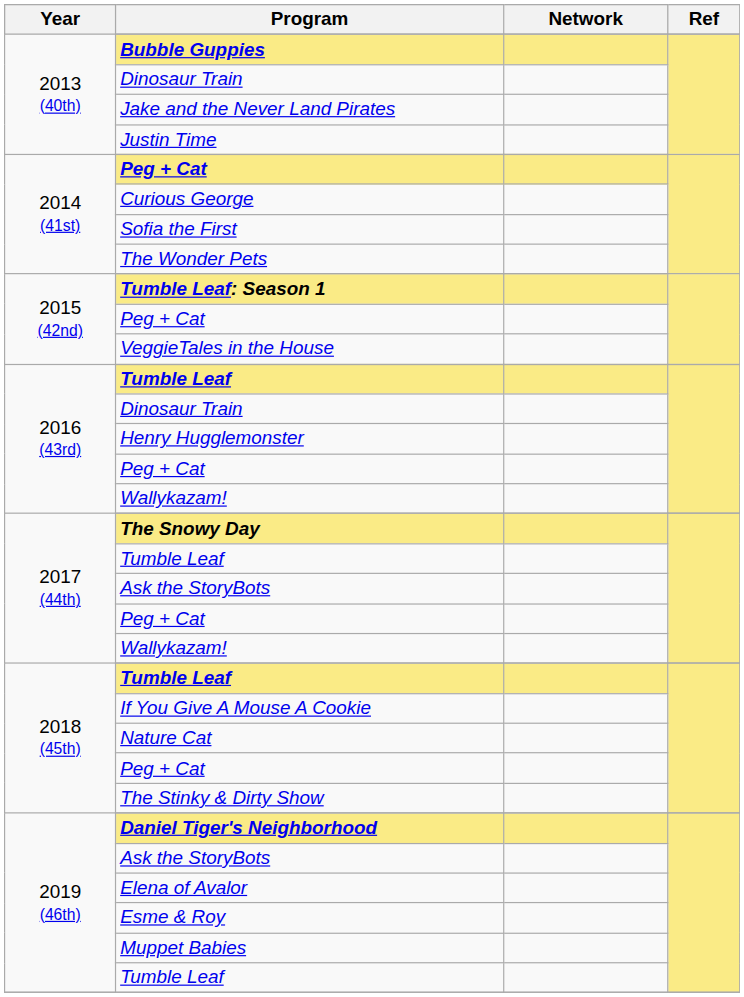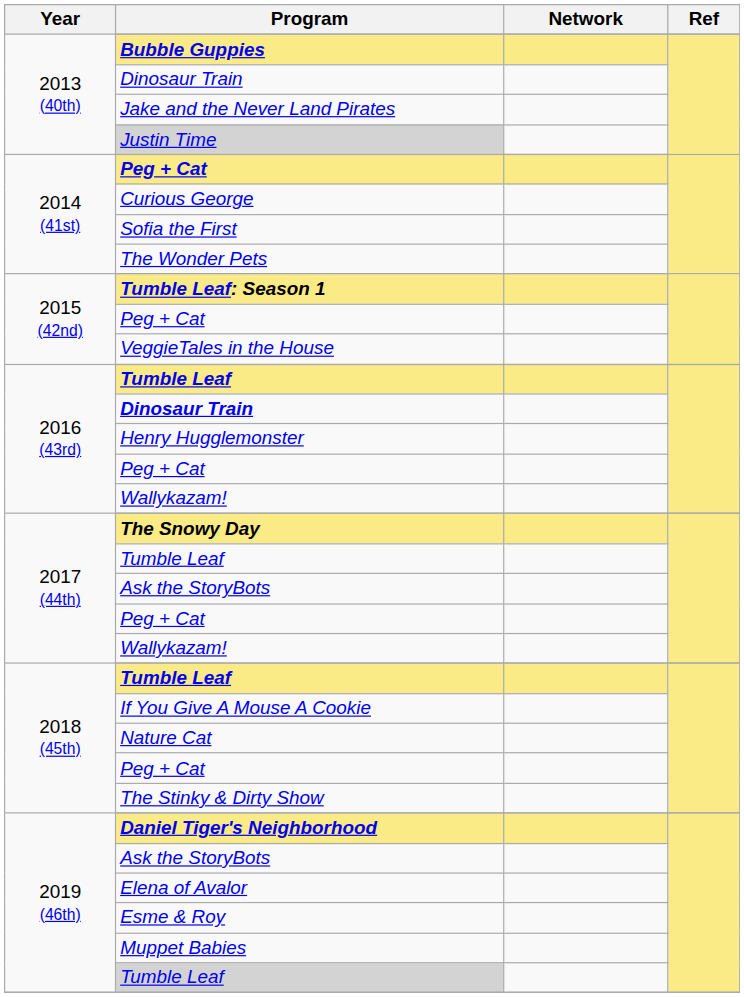 <table class="wikitable" style="width:100%">
 <tr style="background:#bebebe;">
 <th style="width:7%;">Year</th>
 <th style="width:25%;">Program</th>
 <th style="width:10%;">Network</th>
 <th style="width:4%;">Ref</th>
 </tr>
 <tr>
 <td rowspan=5 style="text-align:center">2013 <br><small><a href='#'>(40th)</a></small></td>
 </tr>
 <tr style="background:#FAEB86">
 <td><strong><em><a href='#'>Bubble Guppies</a></em></strong></td>
 <td></td>
 <td rowspan="5"></td>
 </tr>
 <tr>
 <td><em><a href='#'>Dinosaur Train</a></em></td>
 <td></td>
 </tr>
 <tr>
 <td><em><a href='#'>Jake and the Never Land Pirates</a></em></td>
 <td></td>
 </tr>
 <tr>
-<td><em><a href='#'>Justin Time</a></em></td>
+<td style="background: lightgrey;"><em><a href='#'>Justin Time</a></em></td>
 <td></td>
 </tr>
 <tr>
 <td rowspan=5 style="text-align:center">2014 <br><small><a href='#'>(41st)</a></small></td>
 </tr>
 <tr style="background:#FAEB86">
 <td><strong><em><a href='#'>Peg + Cat</a></em></strong></td>
 <td></td>
 <td rowspan="5"></td>
 </tr>
 <tr>
 <td><em><a href='#'>Curious George</a></em></td>
 <td></td>
 </tr>
 <tr>
 <td><em><a href='#'>Sofia the First</a></em></td>
 <td></td>
 </tr>
 <tr>
 <td><em><a href='#'>The Wonder Pets</a></em></td>
 <td></td>
 </tr>
 <tr>
 <td rowspan=4 style="text-align:center">2015 <br><small><a href='#'>(42nd)</a></small></td>
 </tr>
 <tr style="background:#FAEB86">
 <td><strong><em><a href='#'>Tumble Leaf</a>: Season 1</em></strong></td>
 <td></td>
 <td rowspan="3"></td>
 </tr>
 <tr>
 <td><em><a href='#'>Peg + Cat</a></em></td>
 <td></td>
 </tr>
 <tr>
 <td><em><a href='#'>VeggieTales in the House</a></em></td>
 <td></td>
 </tr>
 <tr>
 <td rowspan=6 style="text-align:center">2016 <br><small><a href='#'>(43rd)</a></small></td>
 </tr>
 <tr style="background:#FAEB86">
 <td><strong><em><a href='#'>Tumble Leaf</a></em></strong></td>
 <td></td>
 <td rowspan="5"></td>
 </tr>
 <tr>
-<td><em><a href='#'>Dinosaur Train</a></em></td>
+<td><strong><em><a href='#'>Dinosaur Train</a></em></strong></td>
 <td></td>
 </tr>
 <tr>
 <td><em><a href='#'>Henry Hugglemonster</a></em></td>
 <td></td>
 </tr>
 <tr>
 <td><em><a href='#'>Peg + Cat</a></em></td>
 <td></td>
 </tr>
 <tr>
 <td><em><a href='#'>Wallykazam!</a></em></td>
 <td></td>
 </tr>
 <tr>
 <td rowspan=6 style="text-align:center">2017 <br><small><a href='#'>(44th)</a></small></td>
 </tr>
 <tr style="background:#FAEB86">
 <td><strong><em>The Snowy Day</em></strong></td>
 <td></td>
 <td rowspan="5"></td>
 </tr>
 <tr>
 <td><em><a href='#'>Tumble Leaf</a></em></td>
 <td></td>
 </tr>
 <tr>
 <td><em><a href='#'>Ask the StoryBots</a></em></td>
 <td></td>
 </tr>
 <tr>
 <td><em><a href='#'>Peg + Cat</a></em></td>
 <td></td>
 </tr>
 <tr>
 <td><em><a href='#'>Wallykazam!</a></em></td>
 <td></td>
 </tr>
 <tr>
 <td rowspan=6 style="text-align:center">2018 <br><small><a href='#'>(45th)</a></small></td>
 </tr>
 <tr style="background:#FAEB86">
 <td><strong><em><a href='#'>Tumble Leaf</a></em></strong></td>
 <td></td>
 <td rowspan="5"></td>
 </tr>
 <tr>
 <td><em><a href='#'>If You Give A Mouse A Cookie</a></em></td>
 <td></td>
 </tr>
 <tr>
 <td><em><a href='#'>Nature Cat</a></em></td>
 <td></td>
 </tr>
 <tr>
 <td><em><a href='#'>Peg + Cat</a></em></td>
 <td></td>
 </tr>
 <tr>
 <td><em><a href='#'>The Stinky & Dirty Show</a></em></td>
 <td></td>
 </tr>
 <tr>
 <td rowspan=7 style="text-align:center">2019 <br><small><a href='#'>(46th)</a></small></td>
 </tr>
 <tr style="background:#FAEB86">
 <td><strong><em><a href='#'>Daniel Tiger's Neighborhood</a></em></strong></td>
 <td></td>
 <td rowspan="6"></td>
 </tr>
 <tr>
 <td><em><a href='#'>Ask the StoryBots</a></em></td>
 <td></td>
 </tr>
 <tr>
 <td><em><a href='#'>Elena of Avalor</a></em></td>
 <td></td>
 </tr>
 <tr>
 <td><em><a href='#'>Esme & Roy</a></em></td>
 <td></td>
 </tr>
 <tr>
 <td><em><a href='#'>Muppet Babies</a></em></td>
 <td></td>
 </tr>
 <tr>
-<td><em><a href='#'>Tumble Leaf</a></em></td>
+<td style="background: lightgrey;"><em><a href='#'>Tumble Leaf</a></em></td>
 <td></td>
 </tr>
 <tr>
 </tr>
 </table>
